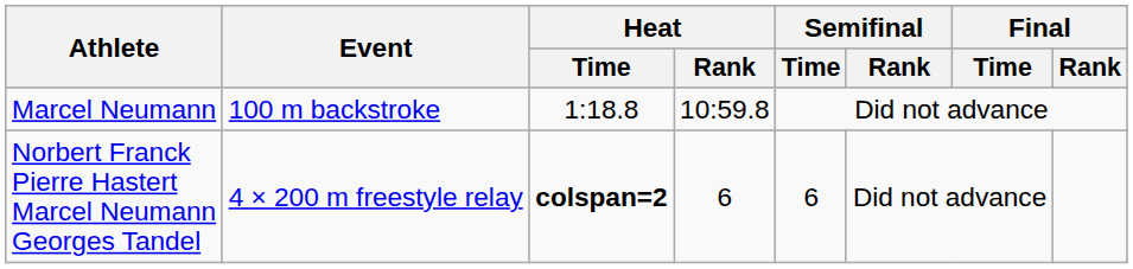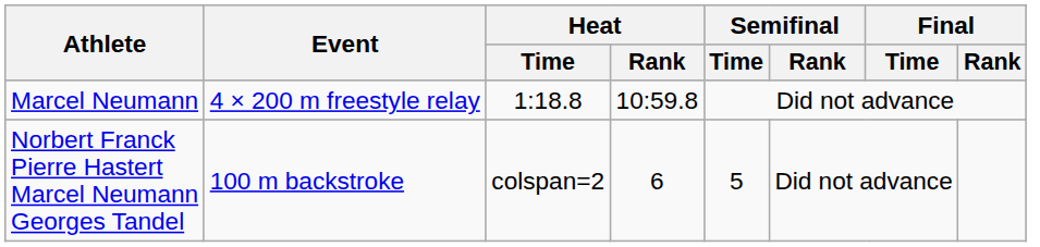 <table class=wikitable style="font-size:90%;">
 <tr>
 <th rowspan=2>Athlete</th>
 <th rowspan=2>Event</th>
 <th colspan=2>Heat</th>
 <th colspan=2>Semifinal</th>
 <th colspan=2>Final</th>
 </tr>
 <tr style="font-size:95%">
 <th>Time</th>
 <th>Rank</th>
 <th>Time</th>
 <th>Rank</th>
 <th>Time</th>
 <th>Rank</th>
 </tr>
 <tr align=center>
 <td align=left><a href='#'>Marcel Neumann</a></td>
-<td align=left><a href='#'>100 m backstroke</a></td>
+<td align=left><a href='#'>4 × 200 m freestyle relay</a></td>
 <td>1:18.8</td>
 <td>10:59.8</td>
 <td colspan=4>Did not advance</td>
 </tr>
 <tr align=center>
 <td align=left><a href='#'>Norbert Franck</a><br><a href='#'>Pierre Hastert</a><br><a href='#'>Marcel Neumann</a><br><a href='#'>Georges Tandel</a></td>
-<td align=left><a href='#'>4 × 200 m freestyle relay</a></td>
-<td><strong>colspan=2 </strong></td>
+<td align=left><a href='#'>100 m backstroke</a></td>
+<td>colspan=2 </td>
 <td>6</td>
-<td>6</td>
+<td>5</td>
 <td colspan=2>Did not advance</td>
 </tr>
 </table>
